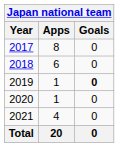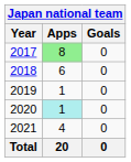 <table class="wikitable" style="text-align:center">
 <tr>
 <th colspan=3><a href='#'>Japan national team</a></th>
 </tr>
 <tr>
 <th>Year</th>
 <th>Apps</th>
 <th>Goals</th>
 </tr>
 <tr>
 <td><a href='#'>2017</a></td>
-<td>8</td>
+<td style="background: lightgreen;">8</td>
 <td>0</td>
 </tr>
 <tr>
 <td><a href='#'>2018</a></td>
 <td>6</td>
 <td>0</td>
 </tr>
 <tr>
 <td>2019</td>
 <td>1</td>
-<td><strong>0</strong></td>
+<td>0</td>
 </tr>
 <tr>
 <td>2020</td>
-<td>1</td>
+<td style="background: paleturquoise;">1</td>
 <td>0</td>
 </tr>
 <tr>
 <td>2021</td>
 <td>4</td>
 <td>0</td>
 </tr>
 <tr>
 <th>Total</th>
 <th>20</th>
 <th>0</th>
 </tr>
 </table>
